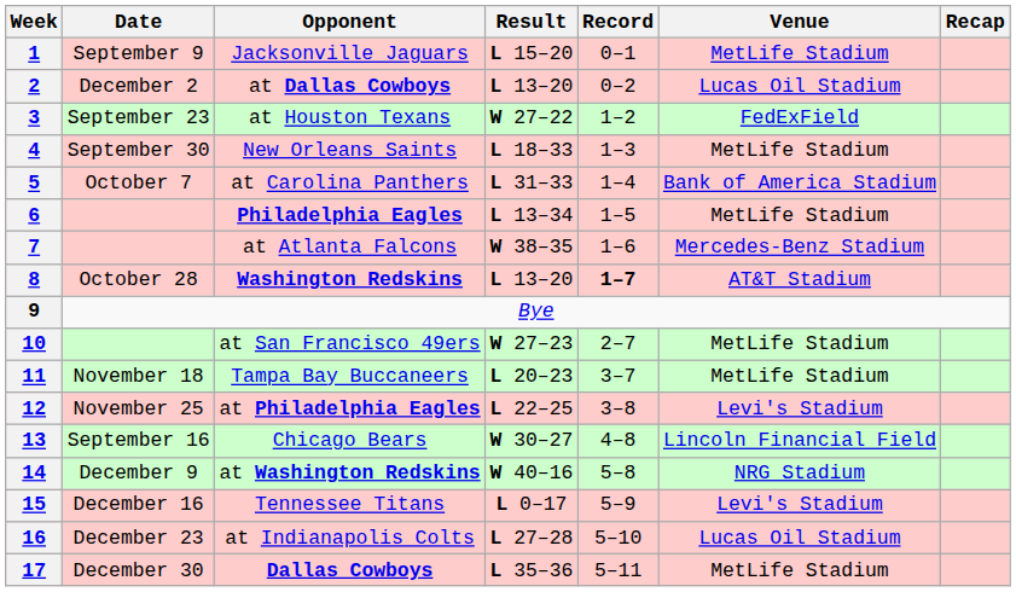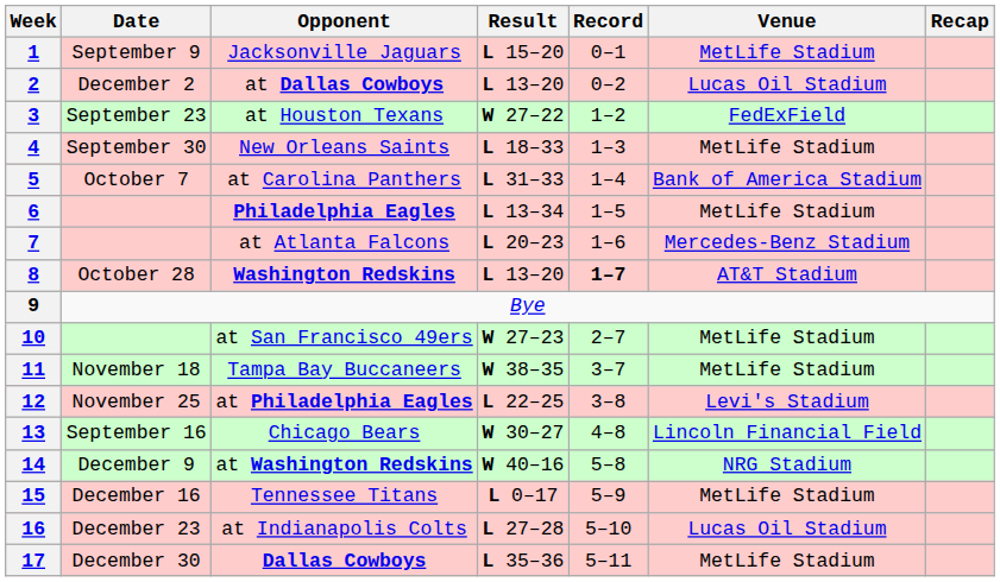 <table class="wikitable" style="text-align:center">
 <tr>
 <th>Week</th>
 <th>Date</th>
 <th>Opponent</th>
 <th>Result</th>
 <th>Record</th>
 <th>Venue</th>
 <th>Recap</th>
 </tr>
 <tr style="background:#fcc">
 <th><a href='#'>1</a></th>
 <td>September 9</td>
 <td><a href='#'>Jacksonville Jaguars</a></td>
 <td><strong>L</strong> 15–20</td>
 <td>0–1</td>
 <td><a href='#'>MetLife Stadium</a></td>
 <td></td>
 </tr>
 <tr style="background:#fcc">
 <th><a href='#'>2</a></th>
 <td>December 2</td>
 <td>at <strong><a href='#'>Dallas Cowboys</a></strong></td>
 <td><strong>L</strong> 13–20</td>
 <td>0–2</td>
 <td><a href='#'>Lucas Oil Stadium</a></td>
 <td></td>
 </tr>
 <tr style="background:#cfc">
 <th><a href='#'>3</a></th>
 <td>September 23</td>
 <td>at <a href='#'>Houston Texans</a></td>
 <td><strong>W</strong> 27–22</td>
 <td>1–2</td>
 <td><a href='#'>FedExField</a></td>
 <td></td>
 </tr>
 <tr style="background:#fcc">
 <th><a href='#'>4</a></th>
 <td>September 30</td>
 <td><a href='#'>New Orleans Saints</a></td>
 <td><strong>L</strong> 18–33</td>
 <td>1–3</td>
 <td>MetLife Stadium</td>
 <td></td>
 </tr>
 <tr style="background:#fcc">
 <th><a href='#'>5</a></th>
 <td>October 7</td>
 <td>at <a href='#'>Carolina Panthers</a></td>
 <td><strong>L</strong> 31–33</td>
 <td>1–4</td>
 <td><a href='#'>Bank of America Stadium</a></td>
 <td></td>
 </tr>
 <tr style="background:#fcc">
 <th><a href='#'>6</a></th>
 <td></td>
 <td><strong><a href='#'>Philadelphia Eagles</a></strong></td>
 <td><strong>L</strong> 13–34</td>
 <td>1–5</td>
 <td>MetLife Stadium</td>
 <td></td>
 </tr>
 <tr style="background:#fcc">
 <th><a href='#'>7</a></th>
 <td></td>
 <td>at <a href='#'>Atlanta Falcons</a></td>
-<td><strong>W</strong> 38–35</td>
+<td><strong>L</strong> 20–23</td>
 <td>1–6</td>
 <td><a href='#'>Mercedes-Benz Stadium</a></td>
 <td></td>
 </tr>
 <tr style="background:#fcc">
 <th><a href='#'>8</a></th>
 <td>October 28</td>
 <td><strong><a href='#'>Washington Redskins</a></strong></td>
 <td><strong>L</strong> 13–20</td>
 <td><strong>1–7</strong></td>
 <td><a href='#'>AT&T Stadium</a></td>
 <td></td>
 </tr>
 <tr>
 <th>9</th>
 <td colspan="6"><em><a href='#'>Bye</a></em></td>
 </tr>
 <tr style="background:#cfc">
 <th><a href='#'>10</a></th>
 <td></td>
 <td>at <a href='#'>San Francisco 49ers</a></td>
 <td><strong>W</strong> 27–23</td>
 <td>2–7</td>
 <td>MetLife Stadium</td>
 <td></td>
 </tr>
 <tr style="background:#cfc">
 <th><a href='#'>11</a></th>
 <td>November 18</td>
 <td><a href='#'>Tampa Bay Buccaneers</a></td>
-<td><strong>L</strong> 20–23</td>
+<td><strong>W</strong> 38–35</td>
 <td>3–7</td>
 <td>MetLife Stadium</td>
 <td></td>
 </tr>
 <tr style="background:#fcc">
 <th><a href='#'>12</a></th>
 <td>November 25</td>
 <td>at <strong><a href='#'>Philadelphia Eagles</a></strong></td>
 <td><strong>L</strong> 22–25</td>
 <td>3–8</td>
 <td><a href='#'>Levi's Stadium</a></td>
 <td></td>
 </tr>
 <tr style="background:#cfc">
 <th><a href='#'>13</a></th>
 <td>September 16</td>
 <td><a href='#'>Chicago Bears</a></td>
 <td><strong>W</strong> 30–27 </td>
 <td>4–8</td>
 <td><a href='#'>Lincoln Financial Field</a></td>
 <td></td>
 </tr>
 <tr style="background:#cfc">
 <th><a href='#'>14</a></th>
 <td>December 9</td>
 <td>at <strong><a href='#'>Washington Redskins</a></strong></td>
 <td><strong>W</strong> 40–16</td>
 <td>5–8</td>
 <td><a href='#'>NRG Stadium</a></td>
 <td></td>
 </tr>
 <tr style="background:#fcc">
 <th><a href='#'>15</a></th>
 <td>December 16</td>
 <td><a href='#'>Tennessee Titans</a></td>
 <td><strong>L</strong> 0–17</td>
 <td>5–9</td>
-<td><a href='#'>Levi's Stadium</a></td>
+<td>MetLife Stadium</td>
 <td></td>
 </tr>
 <tr style="background:#fcc">
 <th><a href='#'>16</a></th>
 <td>December 23</td>
 <td>at <a href='#'>Indianapolis Colts</a></td>
 <td><strong>L</strong> 27–28</td>
 <td>5–10</td>
 <td><a href='#'>Lucas Oil Stadium</a></td>
 <td></td>
 </tr>
 <tr style="background:#fcc">
 <th><a href='#'>17</a></th>
 <td>December 30</td>
 <td><strong><a href='#'>Dallas Cowboys</a></strong></td>
 <td><strong>L</strong> 35–36</td>
 <td>5–11</td>
 <td>MetLife Stadium</td>
 <td></td>
 </tr>
 </table>
